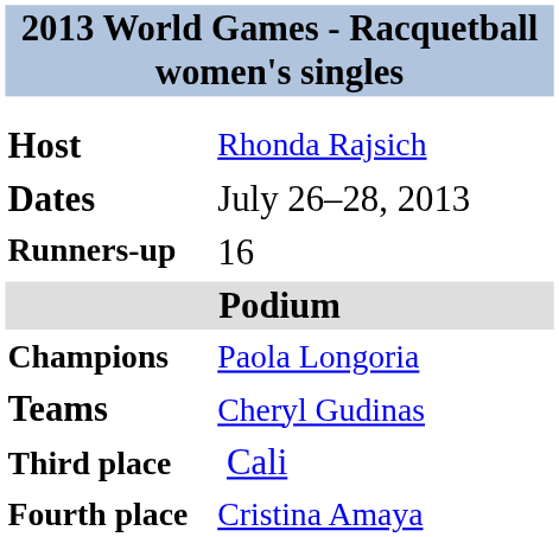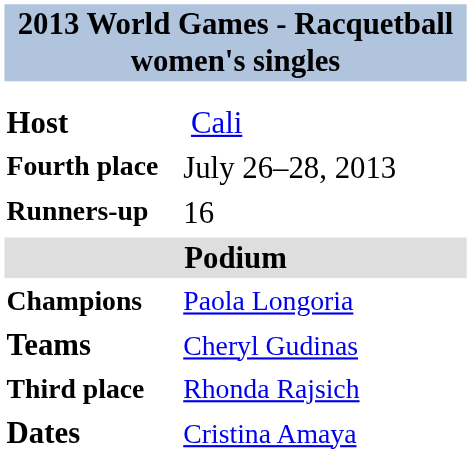 <table class="toccolours" style="float: right; margin: 0 0 1em 1em; font-size: 90%;" width=220px>
 <tr>
 <td colspan="2" style="background: #B0C4DE; text-align: center;" height=30px><strong>2013 World Games -  Racquetball women's singles</strong></td>
 </tr>
 <tr>
 <td colspan="2" style="text-align: center;"></td>
 </tr>
 <tr style="vertical-align:top;">
 <td colspan=2></td>
 </tr>
 <tr style="vertical-align:top;">
 <td><strong>Host</strong></td>
-<td style=font-size:90% width=250> <a href='#'>Rhonda Rajsich</a></td>
+<td> <a href='#'>Cali</a></td>
 </tr>
 <tr style="vertical-align:top;">
-<td><strong>Dates</strong></td>
+<td style=font-size:90% width=100><strong>Fourth place</strong></td>
 <td>July 26–28, 2013</td>
 </tr>
 <tr style="vertical-align:top;">
 <td style=font-size:90% width=100> <strong>Runners-up</strong></td>
 <td>16</td>
 </tr>
 <tr>
 <td colspan="2" style="background: #dedede; text-align: center;"><strong>Podium</strong></td>
 </tr>
 <tr style="vertical-align:top;">
 <td style=font-size:90% width=100> <strong>Champions</strong></td>
 <td style=font-size:90% width=250> <a href='#'>Paola Longoria</a></td>
 </tr>
 <tr>
 <td width=90><strong>Teams</strong></td>
 <td style=font-size:90% width=250> <a href='#'>Cheryl Gudinas</a></td>
 </tr>
 <tr>
 <td style=font-size:90% width=100> <strong>Third place</strong></td>
-<td> <a href='#'>Cali</a></td>
+<td style=font-size:90% width=250> <a href='#'>Rhonda Rajsich</a></td>
 </tr>
 <tr>
-<td style=font-size:90% width=100><strong>Fourth place</strong></td>
+<td><strong>Dates</strong></td>
 <td style=font-size:90% width=250> <a href='#'>Cristina Amaya</a></td>
 </tr>
 </table>
